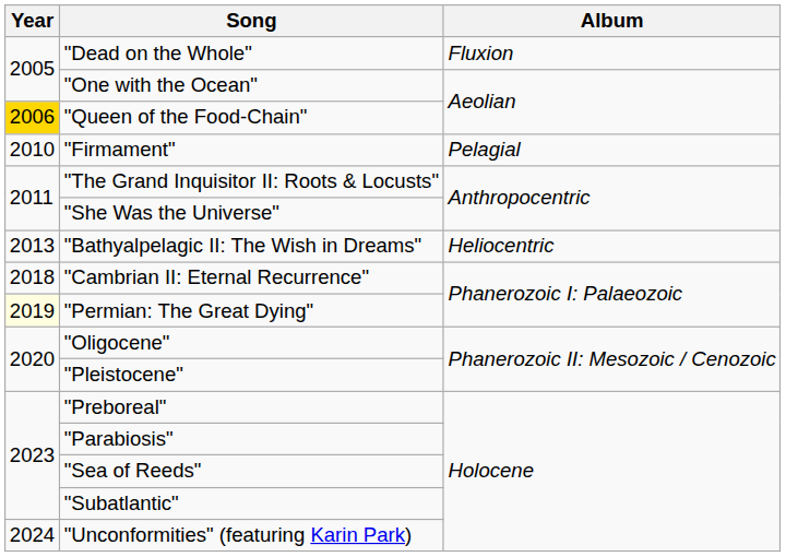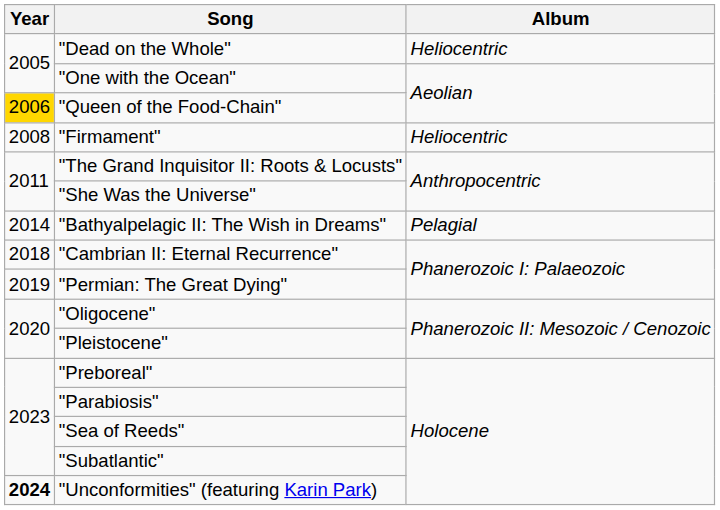 <table class="wikitable">
 <tr>
 <th>Year</th>
 <th>Song</th>
 <th>Album</th>
 </tr>
 <tr>
 <td rowspan="2">2005</td>
 <td>"Dead on the Whole"</td>
-<td><em>Fluxion</em></td>
+<td><em>Heliocentric</em></td>
 </tr>
 <tr>
 <td>"One with the Ocean"</td>
 <td rowspan="2"><em>Aeolian</em></td>
 </tr>
 <tr>
 <td style="background: gold;">2006</td>
 <td>"Queen of the Food-Chain"</td>
 </tr>
 <tr>
-<td>2010</td>
+<td>2008</td>
 <td>"Firmament"</td>
-<td><em>Pelagial</em></td>
+<td><em>Heliocentric</em></td>
 </tr>
 <tr>
 <td rowspan="2">2011</td>
 <td>"The Grand Inquisitor II: Roots & Locusts"</td>
 <td rowspan="2"><em>Anthropocentric</em></td>
 </tr>
 <tr>
 <td>"She Was the Universe"</td>
 </tr>
 <tr>
-<td>2013</td>
+<td>2014</td>
 <td>"Bathyalpelagic II: The Wish in Dreams"</td>
-<td><em>Heliocentric</em></td>
+<td><em>Pelagial</em></td>
 </tr>
 <tr>
 <td>2018</td>
 <td>"Cambrian II: Eternal Recurrence"</td>
 <td rowspan="2"><em>Phanerozoic I: Palaeozoic</em></td>
 </tr>
 <tr>
-<td style="background: lightyellow;">2019</td>
+<td>2019</td>
 <td>"Permian: The Great Dying"</td>
 </tr>
 <tr>
 <td rowspan="2">2020</td>
 <td>"Oligocene"</td>
 <td rowspan="2"><em>Phanerozoic II: Mesozoic / Cenozoic</em></td>
 </tr>
 <tr>
 <td>"Pleistocene"</td>
 </tr>
 <tr>
 <td rowspan="4">2023</td>
 <td>"Preboreal"</td>
 <td rowspan="5"><em>Holocene</em></td>
 </tr>
 <tr>
 <td>"Parabiosis"</td>
 </tr>
 <tr>
 <td>"Sea of Reeds"</td>
 </tr>
 <tr>
 <td>"Subatlantic"</td>
 </tr>
 <tr>
-<td>2024</td>
+<td><strong>2024</strong></td>
 <td>"Unconformities" (featuring <a href='#'>Karin Park</a>)</td>
 </tr>
 </table>
